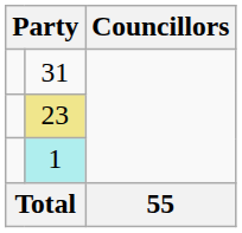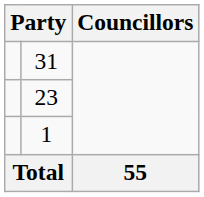 <table class="wikitable">
 <tr>
 <th colspan=2>Party</th>
 <th>Councillors</th>
 </tr>
 <tr>
 <td></td>
 <td align=center>31</td>
 </tr>
 <tr>
 <td></td>
-<td align=center style="background: khaki;">23</td>
+<td align=center>23</td>
 </tr>
 <tr>
 <td></td>
-<td align=center style="background: paleturquoise;">1</td>
+<td align=center>1</td>
 </tr>
 <tr>
 <th colspan=2>Total</th>
 <th>55</th>
 </tr>
 </table>
